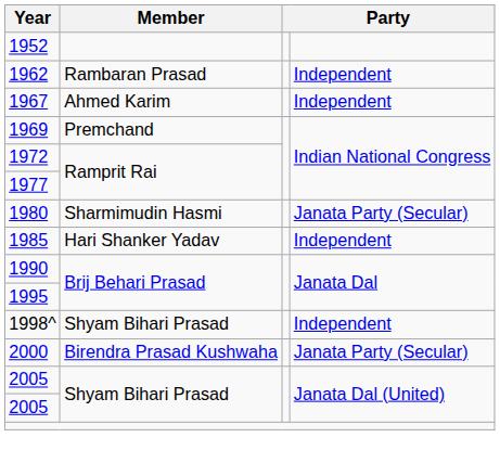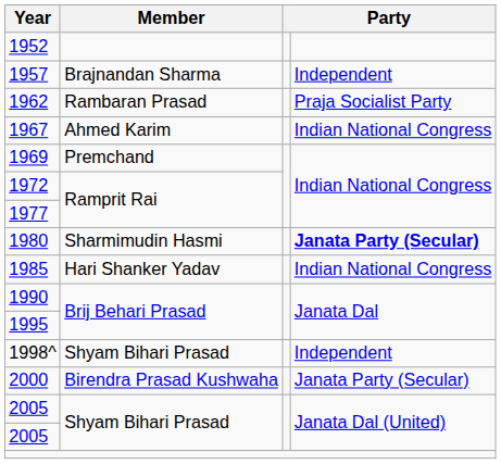 <table class="wikitable">
 <tr>
 <th>Year</th>
 <th>Member</th>
 <th colspan="2">Party</th>
 </tr>
 <tr>
 <td><a href='#'>1952</a></td>
 <td></td>
 <td></td>
 <td></td>
 </tr>
 <tr>
+<td><a href='#'>1957</a></td>
+<td>Brajnandan Sharma</td>
+<td style="background-color: "></td>
+<td><a href='#'>Independent</a></td>
+</tr>
+<tr>
 <td><a href='#'>1962</a></td>
 <td>Rambaran Prasad</td>
 <td style="background-color: "></td>
-<td><a href='#'>Independent</a></td>
+<td><a href='#'>Praja Socialist Party</a></td>
 </tr>
 <tr>
 <td><a href='#'>1967</a></td>
 <td>Ahmed Karim</td>
 <td style="background-color: "></td>
-<td><a href='#'>Independent</a></td>
+<td><a href='#'>Indian National Congress</a></td>
 </tr>
 <tr>
 <td><a href='#'>1969</a></td>
 <td>Premchand</td>
 <td rowspan="3" style="background-color: "></td>
 <td rowspan="3"><a href='#'>Indian National Congress</a></td>
 </tr>
 <tr>
 <td><a href='#'>1972</a></td>
 <td rowspan="2">Ramprit Rai</td>
 </tr>
 <tr>
 <td><a href='#'>1977</a></td>
 </tr>
 <tr>
 <td><a href='#'>1980</a></td>
 <td>Sharmimudin Hasmi</td>
 <td style="background-color: "></td>
-<td><a href='#'>Janata Party (Secular)</a></td>
+<td><strong><a href='#'>Janata Party (Secular)</a></strong></td>
 </tr>
 <tr>
 <td><a href='#'>1985</a></td>
 <td>Hari Shanker Yadav</td>
 <td style="background-color: "></td>
-<td><a href='#'>Independent</a></td>
+<td><a href='#'>Indian National Congress</a></td>
 </tr>
 <tr>
 <td><a href='#'>1990</a></td>
 <td rowspan="2"><a href='#'>Brij Behari Prasad</a></td>
 <td rowspan="2" style="background-color: "></td>
 <td rowspan="2"><a href='#'>Janata Dal</a></td>
 </tr>
 <tr>
 <td><a href='#'>1995</a></td>
 </tr>
 <tr>
 <td>1998^</td>
 <td>Shyam Bihari Prasad</td>
 <td style="background-color: "></td>
 <td><a href='#'>Independent</a></td>
 </tr>
 <tr>
 <td><a href='#'>2000</a></td>
 <td><a href='#'>Birendra Prasad Kushwaha</a></td>
 <td style="background-color: "></td>
 <td><a href='#'>Janata Party (Secular)</a></td>
 </tr>
 <tr>
 <td><a href='#'>2005</a></td>
 <td rowspan="2">Shyam Bihari Prasad</td>
 <td rowspan="2" style="background-color: "></td>
 <td rowspan="2"><a href='#'>Janata Dal (United)</a></td>
 </tr>
 <tr>
 <td><a href='#'>2005</a></td>
 </tr>
 <tr>
 <td colspan="4"></td>
 </tr>
 </table>
